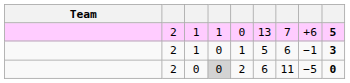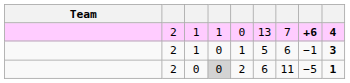 <table class="wikitable" style="text-align: center;">
 <tr>
 <th width="175">Team</th>
 <th width="20"></th>
 <th width="20"></th>
 <th width="20"></th>
 <th width="20"></th>
 <th width="20"></th>
 <th width="20"></th>
 <th width="20"></th>
 <th width="20"></th>
 </tr>
 <tr bgcolor="#ffccff">
 <td align=left></td>
 <td>2</td>
 <td>1</td>
 <td>1</td>
 <td>0</td>
 <td>13</td>
 <td>7</td>
-<td>+6</td>
-<td><strong>5</strong></td>
+<td><strong>+6</strong></td>
+<td><strong>4</strong></td>
 </tr>
 <tr>
 <td align=left></td>
 <td>2</td>
 <td>1</td>
 <td>0</td>
 <td>1</td>
 <td>5</td>
 <td>6</td>
 <td>−1</td>
 <td><strong>3</strong></td>
 </tr>
 <tr>
 <td align=left></td>
 <td>2</td>
 <td>0</td>
 <td style="background: lightgrey;">0</td>
 <td>2</td>
 <td>6</td>
 <td>11</td>
 <td>−5</td>
-<td><strong>0</strong></td>
+<td><strong>1</strong></td>
 </tr>
 </table>
